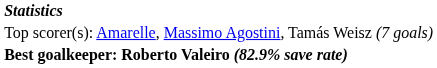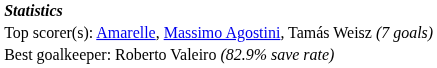 <table width=100% cellspacing=1 style="font-size: 90%;">
 <tr>
 <td><strong><em>Statistics</em></strong></td>
 </tr>
 <tr>
 <td colspan=4>Top scorer(s):  <a href='#'>Amarelle</a>,  <a href='#'>Massimo Agostini</a>,  Tamás Weisz <em>(7 goals)</em></td>
 </tr>
 <tr>
-<td><strong>Best goalkeeper:  Roberto Valeiro <em>(82.9% save rate)</em></strong></td>
+<td>Best goalkeeper:  Roberto Valeiro <em>(82.9% save rate)</em></td>
 </tr>
 </table>
